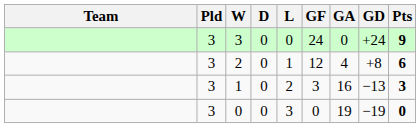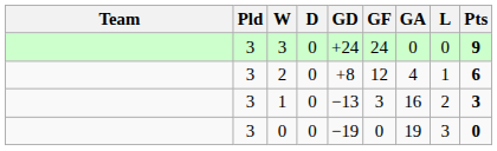 <table class=wikitable style="text-align:center">
 <tr>
 <th width=200>Team</th>
 <th width=20>Pld</th>
 <th width=20>W</th>
 <th width=20>D</th>
-<th width=20>L</th>
+<th width=20>GD</th>
 <th width=20>GF</th>
 <th width=20>GA</th>
-<th width=20>GD</th>
+<th width=20>L</th>
 <th width=20>Pts</th>
 </tr>
 <tr style=background:#ccffcc>
 <td align=left></td>
 <td>3</td>
 <td>3</td>
 <td>0</td>
-<td>0</td>
+<td>+24</td>
 <td>24</td>
 <td>0</td>
-<td>+24</td>
+<td>0</td>
 <td><strong>9</strong></td>
 </tr>
 <tr>
 <td align=left></td>
 <td>3</td>
 <td>2</td>
 <td>0</td>
-<td>1</td>
+<td>+8</td>
 <td>12</td>
 <td>4</td>
-<td>+8</td>
+<td>1</td>
 <td><strong>6</strong></td>
 </tr>
 <tr>
 <td align=left></td>
 <td>3</td>
 <td>1</td>
 <td>0</td>
-<td>2</td>
+<td>−13</td>
 <td>3</td>
 <td>16</td>
-<td>−13</td>
+<td>2</td>
 <td><strong>3</strong></td>
 </tr>
 <tr>
 <td align=left></td>
 <td>3</td>
 <td>0</td>
 <td>0</td>
-<td>3</td>
+<td>−19</td>
 <td>0</td>
 <td>19</td>
-<td>−19</td>
+<td>3</td>
 <td><strong>0</strong></td>
 </tr>
 </table>
